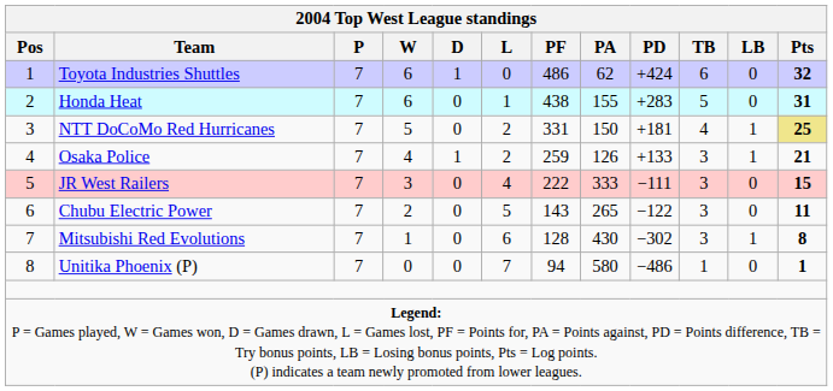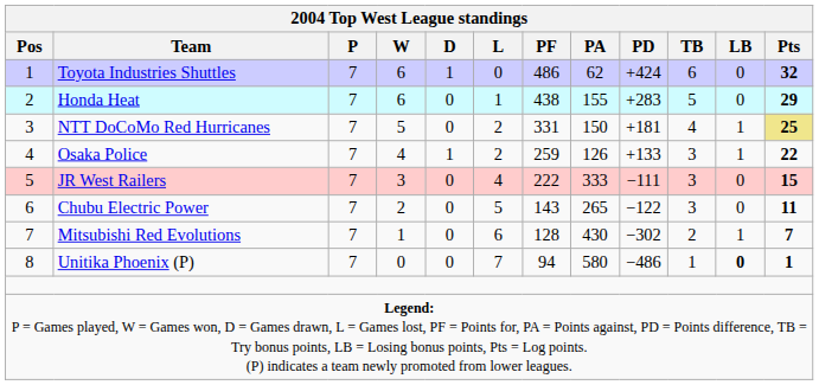 <table class="wikitable" style="text-align:center; font-size:100%; width:60%;">
 <tr>
 <th colspan="100%" cellpadding="0" cellspacing="0"><strong>2004 Top West League standings</strong></th>
 </tr>
 <tr>
 <th style="width:6%;">Pos</th>
 <th style="width:34%;">Team</th>
 <th style="width:6%;">P</th>
 <th style="width:6%;">W</th>
 <th style="width:6%;">D</th>
 <th style="width:6%;">L</th>
 <th style="width:6%;">PF</th>
 <th style="width:6%;">PA</th>
 <th style="width:6%;">PD</th>
 <th style="width:6%;">TB</th>
 <th style="width:6%;">LB</th>
 <th style="width:6%;">Pts<br></th>
 </tr>
 <tr style="background:#CCCCFF;">
 <td>1</td>
 <td style="text-align:left;"><a href='#'>Toyota Industries Shuttles</a></td>
 <td>7</td>
 <td>6</td>
 <td>1</td>
 <td>0</td>
 <td>486</td>
 <td>62</td>
 <td>+424</td>
 <td>6</td>
 <td>0</td>
 <td><strong>32</strong></td>
 </tr>
 <tr style="background:#CFFCFF;">
 <td>2</td>
 <td style="text-align:left;"><a href='#'>Honda Heat</a></td>
 <td>7</td>
 <td>6</td>
 <td>0</td>
 <td>1</td>
 <td>438</td>
 <td>155</td>
 <td>+283</td>
 <td>5</td>
 <td>0</td>
-<td><strong>31</strong></td>
+<td><strong>29</strong></td>
 </tr>
 <tr>
 <td>3</td>
 <td style="text-align:left;"><a href='#'>NTT DoCoMo Red Hurricanes</a></td>
 <td>7</td>
 <td>5</td>
 <td>0</td>
 <td>2</td>
 <td>331</td>
 <td>150</td>
 <td>+181</td>
 <td>4</td>
 <td>1</td>
 <td style="background: khaki;"><strong>25</strong></td>
 </tr>
 <tr>
 <td>4</td>
 <td style="text-align:left;"><a href='#'>Osaka Police</a></td>
 <td>7</td>
 <td>4</td>
 <td>1</td>
 <td>2</td>
 <td>259</td>
 <td>126</td>
 <td>+133</td>
 <td>3</td>
 <td>1</td>
-<td><strong>21</strong></td>
+<td><strong>22</strong></td>
 </tr>
 <tr style="background:#FFCCCC;">
 <td>5</td>
 <td style="text-align:left;"><a href='#'>JR West Railers</a></td>
 <td>7</td>
 <td>3</td>
 <td>0</td>
 <td>4</td>
 <td>222</td>
 <td>333</td>
 <td>−111</td>
 <td>3</td>
 <td>0</td>
 <td><strong>15</strong></td>
 </tr>
 <tr>
 <td>6</td>
 <td style="text-align:left;"><a href='#'>Chubu Electric Power</a></td>
 <td>7</td>
 <td>2</td>
 <td>0</td>
 <td>5</td>
 <td>143</td>
 <td>265</td>
 <td>−122</td>
 <td>3</td>
 <td>0</td>
 <td><strong>11</strong></td>
 </tr>
 <tr>
 <td>7</td>
 <td style="text-align:left;"><a href='#'>Mitsubishi Red Evolutions</a></td>
 <td>7</td>
 <td>1</td>
 <td>0</td>
 <td>6</td>
 <td>128</td>
 <td>430</td>
 <td>−302</td>
-<td>3</td>
+<td>2</td>
 <td>1</td>
-<td><strong>8</strong></td>
+<td><strong>7</strong></td>
 </tr>
 <tr>
 <td>8</td>
 <td style="text-align:left;"><a href='#'>Unitika Phoenix</a> (P)</td>
 <td>7</td>
 <td>0</td>
 <td>0</td>
 <td>7</td>
 <td>94</td>
 <td>580</td>
 <td>−486</td>
 <td>1</td>
-<td>0</td>
+<td><strong>0</strong></td>
 <td><strong>1</strong></td>
 </tr>
 <tr>
 <td colspan="100%" style="height:10px;"></td>
 </tr>
 <tr>
 <td colspan="100%"><small><strong>Legend:</strong> <br> P = Games played, W = Games won, D = Games drawn, L = Games lost, PF = Points for, PA = Points against, PD = Points difference, TB = Try bonus points, LB = Losing bonus points, Pts = Log points. <br> (P) indicates a team newly promoted from lower leagues.</small></td>
 </tr>
 </table>
